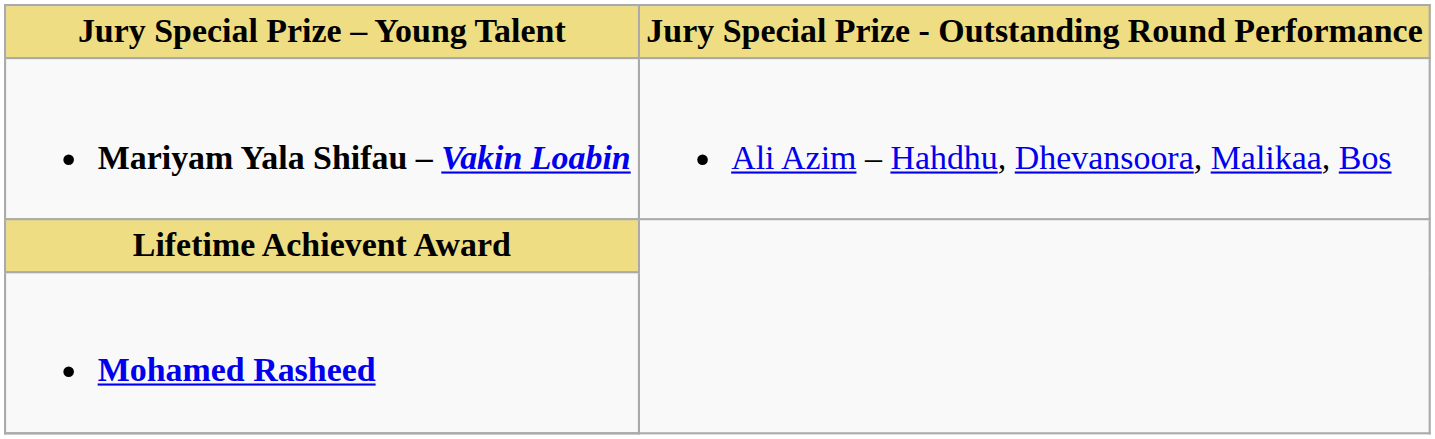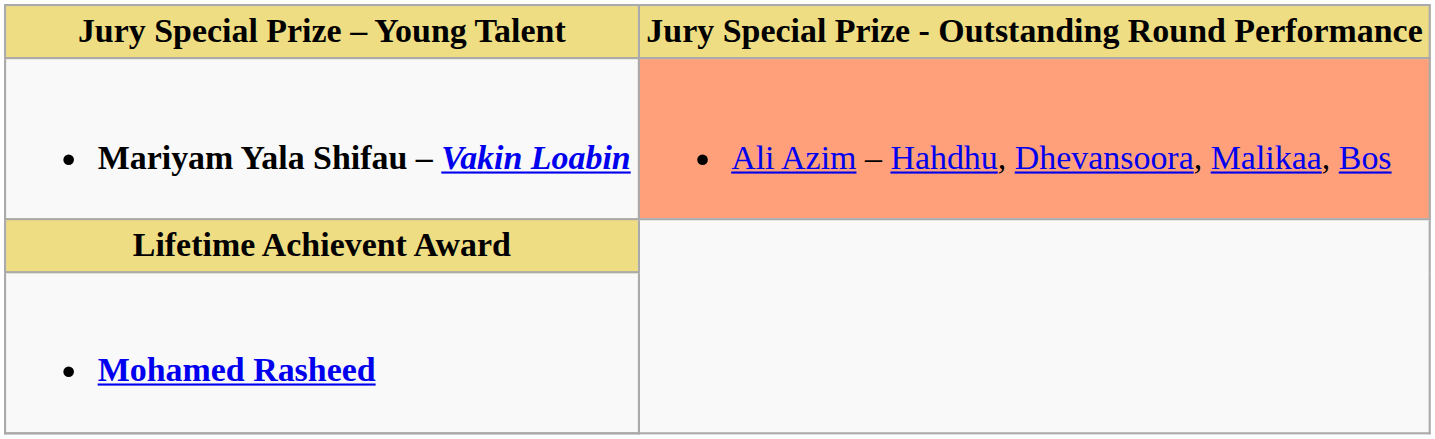 <table class="wikitable">
 <tr>
 <th style="background:#EEDD82;">Jury Special Prize – Young Talent</th>
 <th style="background:#EEDD82;">Jury Special Prize - Outstanding Round Performance</th>
 </tr>
 <tr>
 <td><br><ul><li><strong>Mariyam Yala Shifau – <em><a href='#'>Vakin Loabin</a><strong><em></li></ul></td>
-<td><br><ul><li></strong><a href='#'>Ali Azim</a> – </em><a href='#'>Hahdhu</a><em>, </em><a href='#'>Dhevansoora</a><em>, </em><a href='#'>Malikaa</a><em>, </em><a href='#'>Bos</a></em></strong></li></ul></td>
+<td style="background: lightsalmon;"><br><ul><li></strong><a href='#'>Ali Azim</a> – </em><a href='#'>Hahdhu</a><em>, </em><a href='#'>Dhevansoora</a><em>, </em><a href='#'>Malikaa</a><em>, </em><a href='#'>Bos</a></em></strong></li></ul></td>
 </tr>
 <tr>
 <th style="background:#EEDD82;">Lifetime Achievent Award</th>
 </tr>
 <tr>
 <td><br><ul><li><strong><a href='#'>Mohamed Rasheed</a></strong></li></ul></td>
 </tr>
 <tr>
 </tr>
 </table>
